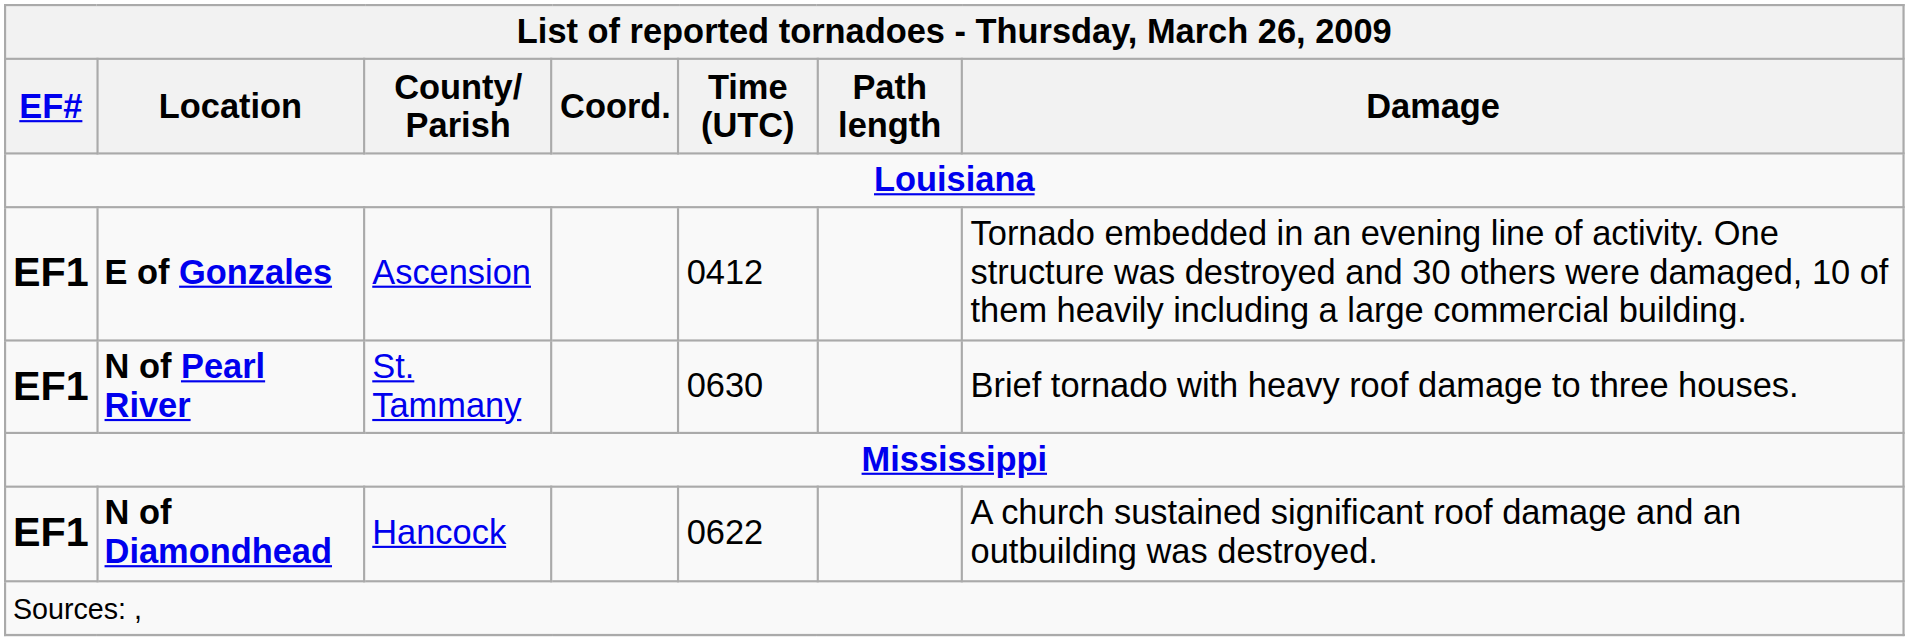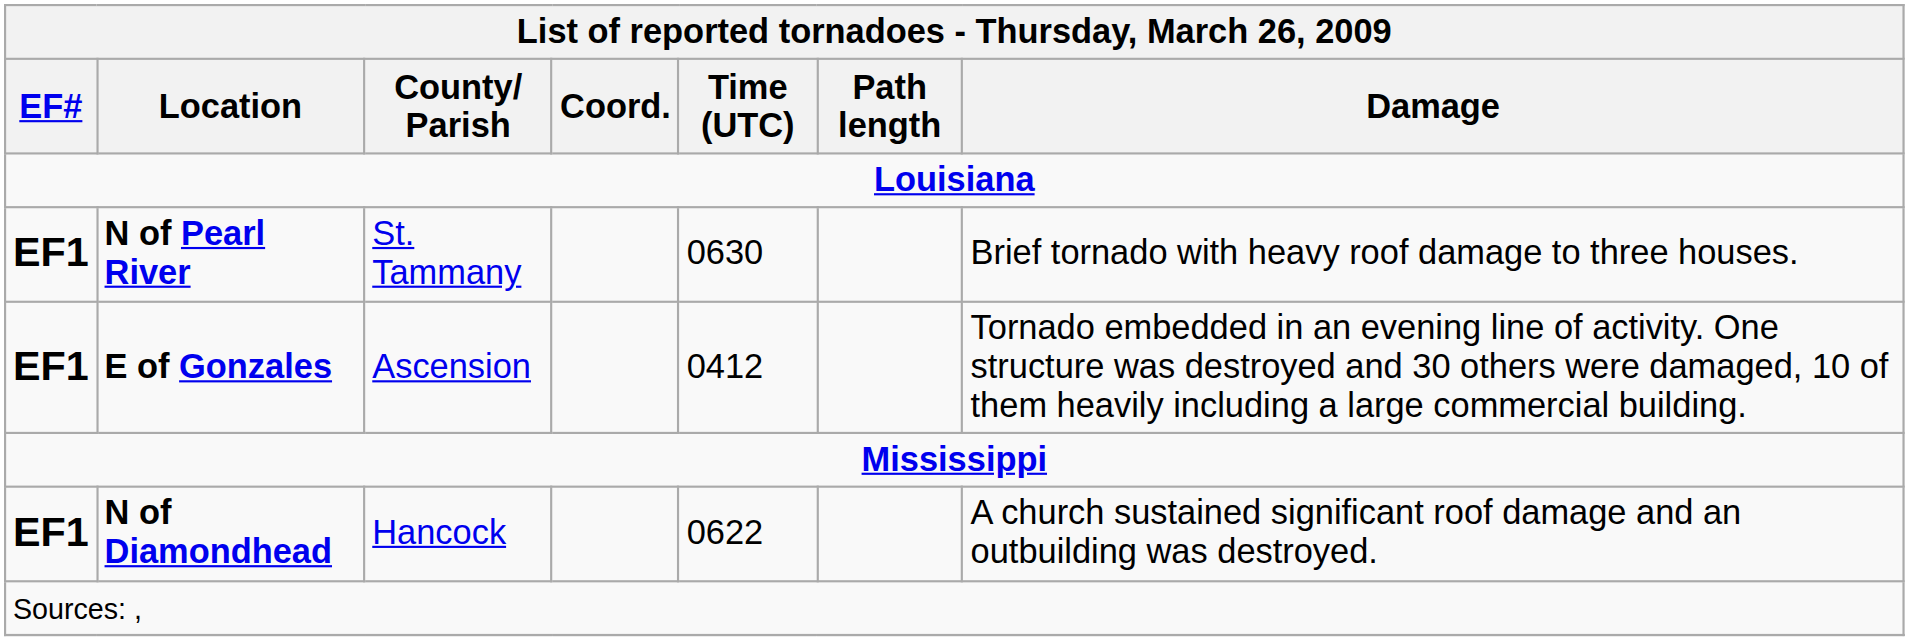 <table class="wikitable collapsible" width="100%">
 <tr>
 <th colspan="7">List of reported tornadoes - Thursday, March 26, 2009</th>
 </tr>
 <tr>
 <th><a href='#'>EF#</a></th>
 <th>Location</th>
 <th>County/<br>Parish</th>
 <th>Coord.</th>
 <th>Time (UTC)</th>
 <th>Path length</th>
 <th>Damage</th>
 </tr>
 <tr>
 <td colspan="7" align=center><strong><a href='#'>Louisiana</a></strong></td>
 </tr>
 <tr>
 <td><big><strong>EF1</strong></big></td>
+<td><strong>N of <a href='#'>Pearl River</a></strong></td>
+<td><a href='#'>St. Tammany</a></td>
+<td></td>
+<td>0630</td>
+<td></td>
+<td>Brief tornado with heavy roof damage to three houses.</td>
+</tr>
+<tr>
+<td><big><strong>EF1</strong></big></td>
 <td><strong>E of <a href='#'>Gonzales</a></strong></td>
 <td><a href='#'>Ascension</a></td>
 <td></td>
 <td>0412</td>
 <td></td>
 <td>Tornado embedded in an evening line of activity. One structure was destroyed and 30 others were damaged, 10 of them heavily including a large commercial building.</td>
-</tr>
-<tr>
-<td><big><strong>EF1</strong></big></td>
-<td><strong>N of <a href='#'>Pearl River</a></strong></td>
-<td><a href='#'>St. Tammany</a></td>
-<td></td>
-<td>0630</td>
-<td></td>
-<td>Brief tornado with heavy roof damage to three houses.</td>
 </tr>
 <tr>
 <td colspan="7" align=center><strong><a href='#'>Mississippi</a></strong></td>
 </tr>
 <tr>
 <td><big><strong>EF1</strong></big></td>
 <td><strong>N of <a href='#'>Diamondhead</a></strong></td>
 <td><a href='#'>Hancock</a></td>
 <td></td>
 <td>0622</td>
 <td></td>
 <td>A church sustained significant roof damage and an outbuilding was destroyed.</td>
 </tr>
 <tr>
 <td colspan="7"><small>Sources: , </small></td>
 </tr>
 <tr>
 </tr>
 </table>
